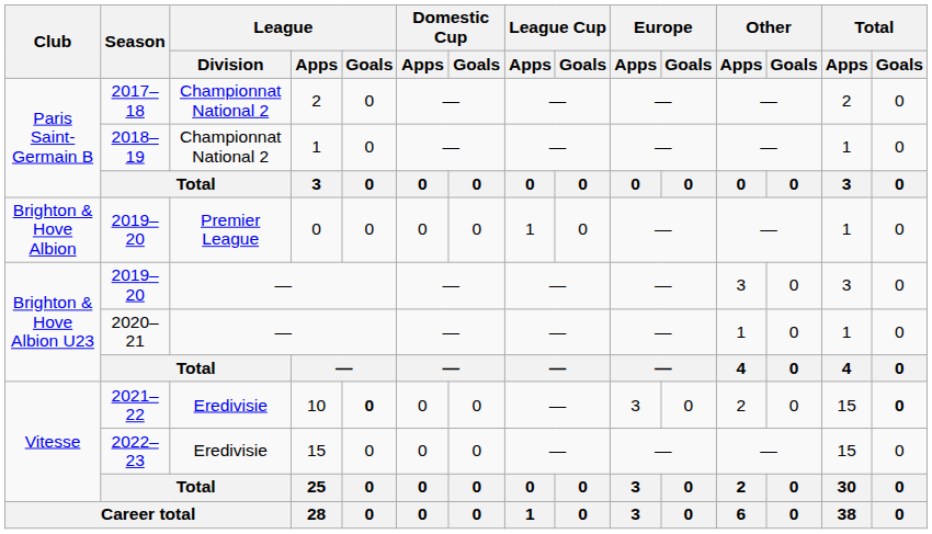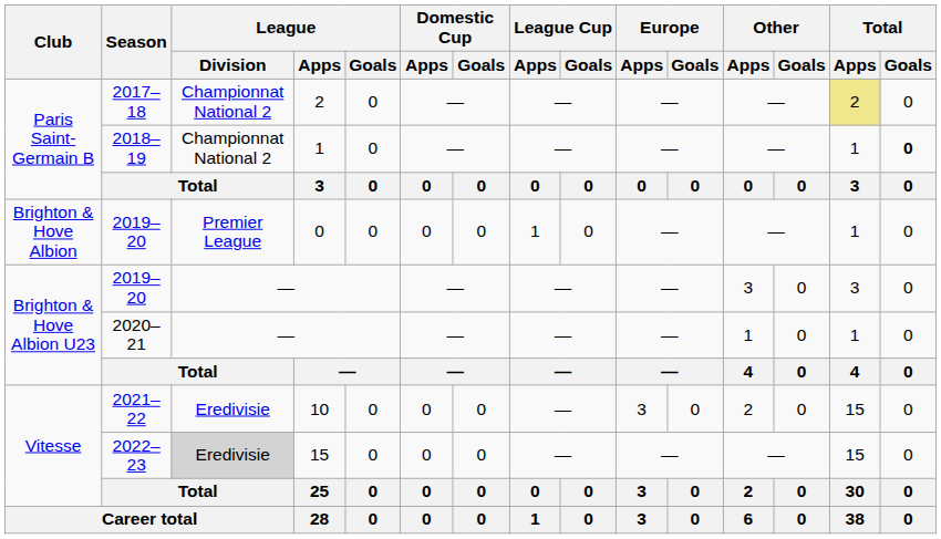 <table class=wikitable style="text-align: center;">
 <tr>
 <th rowspan=2>Club</th>
 <th rowspan=2>Season</th>
 <th colspan=3>League</th>
 <th colspan=2>Domestic Cup</th>
 <th colspan=2>League Cup</th>
 <th colspan=2>Europe</th>
 <th colspan=2>Other</th>
 <th colspan=2>Total</th>
 </tr>
 <tr>
 <th>Division</th>
 <th>Apps</th>
 <th>Goals</th>
 <th>Apps</th>
 <th>Goals</th>
 <th>Apps</th>
 <th>Goals</th>
 <th>Apps</th>
 <th>Goals</th>
 <th>Apps</th>
 <th>Goals</th>
 <th>Apps</th>
 <th>Goals</th>
 </tr>
 <tr>
 <td rowspan="3"><a href='#'>Paris Saint-Germain B</a></td>
 <td><a href='#'>2017–18</a></td>
 <td><a href='#'>Championnat National 2</a></td>
 <td>2</td>
 <td>0</td>
 <td colspan=2>—</td>
 <td colspan=2>—</td>
 <td colspan=2>—</td>
 <td colspan=2>—</td>
-<td>2</td>
+<td style="background: khaki;">2</td>
 <td>0</td>
 </tr>
 <tr>
 <td><a href='#'>2018–19</a></td>
 <td>Championnat National 2</td>
 <td>1</td>
 <td>0</td>
 <td colspan=2>—</td>
 <td colspan=2>—</td>
 <td colspan=2>—</td>
 <td colspan=2>—</td>
 <td>1</td>
-<td>0</td>
+<td><strong>0</strong></td>
 </tr>
 <tr>
 <th colspan="2">Total</th>
 <th>3</th>
 <th>0</th>
 <th>0</th>
 <th>0</th>
 <th>0</th>
 <th>0</th>
 <th>0</th>
 <th>0</th>
 <th>0</th>
 <th>0</th>
 <th>3</th>
 <th>0</th>
 </tr>
 <tr>
 <td><a href='#'>Brighton & Hove Albion</a></td>
 <td><a href='#'>2019–20</a></td>
 <td><a href='#'>Premier League</a></td>
 <td>0</td>
 <td>0</td>
 <td>0</td>
 <td>0</td>
 <td>1</td>
 <td>0</td>
 <td colspan=2>—</td>
 <td colspan=2>—</td>
 <td>1</td>
 <td>0</td>
 </tr>
 <tr>
 <td rowspan="3"><a href='#'>Brighton & Hove Albion U23</a></td>
 <td><a href='#'>2019–20</a></td>
 <td colspan=3>—</td>
 <td colspan=2>—</td>
 <td colspan=2>—</td>
 <td colspan=2>—</td>
 <td>3</td>
 <td>0</td>
 <td>3</td>
 <td>0</td>
 </tr>
 <tr>
 <td>2020–21</td>
 <td colspan=3>—</td>
 <td colspan=2>—</td>
 <td colspan=2>—</td>
 <td colspan=2>—</td>
 <td>1</td>
 <td>0</td>
 <td>1</td>
 <td>0</td>
 </tr>
 <tr>
 <th colspan=2>Total</th>
 <th colspan=2>—</th>
 <th colspan=2>—</th>
 <th colspan=2>—</th>
 <th colspan=2>—</th>
 <th>4</th>
 <th>0</th>
 <th>4</th>
 <th>0</th>
 </tr>
 <tr>
 <td rowspan="3"><a href='#'>Vitesse</a></td>
 <td><a href='#'>2021–22</a></td>
 <td><a href='#'>Eredivisie</a></td>
 <td>10</td>
-<td><strong>0</strong></td>
+<td>0</td>
 <td>0</td>
 <td>0</td>
 <td colspan=2>—</td>
 <td>3</td>
 <td>0</td>
 <td>2</td>
 <td>0</td>
 <td>15</td>
-<td><strong>0</strong></td>
+<td>0</td>
 </tr>
 <tr>
 <td><a href='#'>2022–23</a></td>
-<td>Eredivisie</td>
+<td style="background: lightgrey;">Eredivisie</td>
 <td>15</td>
 <td>0</td>
 <td>0</td>
 <td>0</td>
 <td colspan=2>—</td>
 <td colspan=2>—</td>
 <td colspan=2>—</td>
 <td>15</td>
 <td>0</td>
 </tr>
 <tr>
 <th colspan=2>Total</th>
 <th>25</th>
 <th>0</th>
 <th>0</th>
 <th>0</th>
 <th>0</th>
 <th>0</th>
 <th>3</th>
 <th>0</th>
 <th>2</th>
 <th>0</th>
 <th>30</th>
 <th>0</th>
 </tr>
 <tr>
 <th colspan=3>Career total</th>
 <th>28</th>
 <th>0</th>
 <th>0</th>
 <th>0</th>
 <th>1</th>
 <th>0</th>
 <th>3</th>
 <th>0</th>
 <th>6</th>
 <th>0</th>
 <th>38</th>
 <th>0</th>
 </tr>
 </table>
